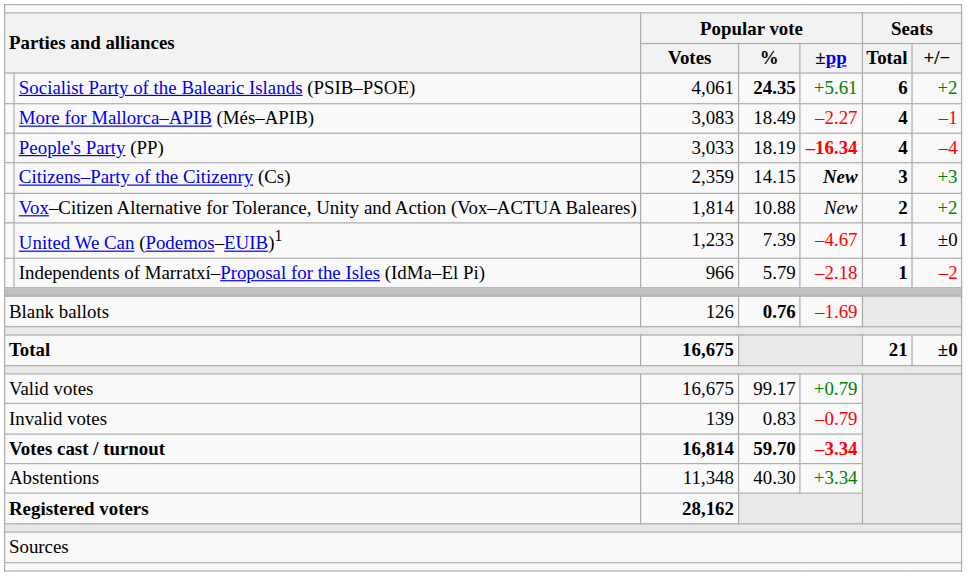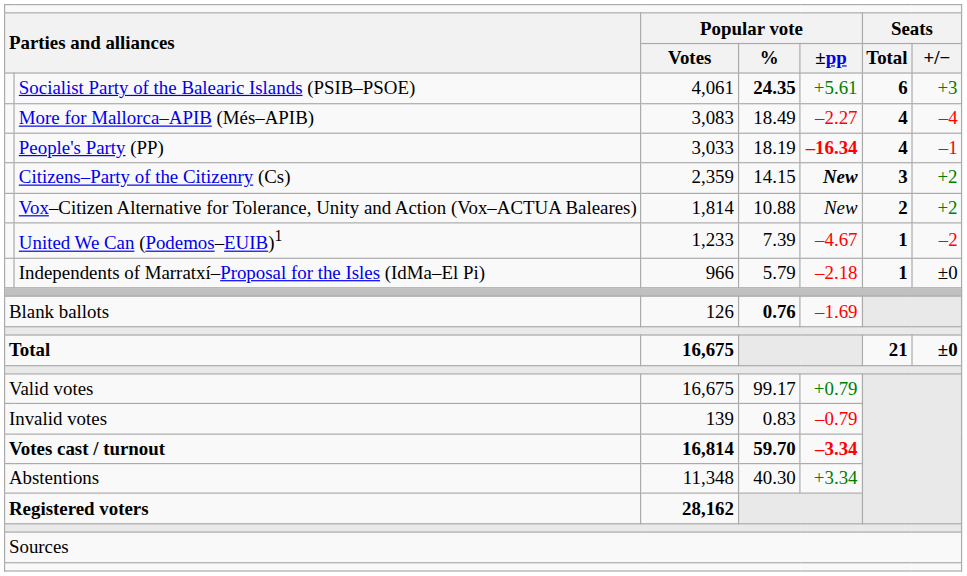 <table class="wikitable" style="text-align:right;">
 <tr>
 <td colspan="7"></td>
 </tr>
 <tr>
 <th style="text-align:left;" rowspan="2" colspan="2" width="525">Parties and alliances</th>
 <th colspan="3">Popular vote</th>
 <th colspan="2">Seats</th>
 </tr>
 <tr>
 <th width="75">Votes</th>
 <th width="45">%</th>
 <th width="45">±<a href='#'>pp</a></th>
 <th width="35">Total</th>
 <th width="35">+/−</th>
 </tr>
 <tr>
 <td width="1" style="color:inherit;background:"></td>
 <td align="left"><a href='#'>Socialist Party of the Balearic Islands</a> (PSIB–PSOE)</td>
 <td>4,061</td>
 <td><strong>24.35</strong></td>
 <td style="color:green;">+5.61</td>
 <td><strong>6</strong></td>
-<td style="color:green;">+2</td>
+<td style="color:green;">+3</td>
 </tr>
 <tr>
 <td style="color:inherit;background:"></td>
 <td align="left"><a href='#'>More for Mallorca–APIB</a> (Més–APIB)</td>
 <td>3,083</td>
 <td>18.49</td>
 <td style="color:red;">–2.27</td>
 <td><strong>4</strong></td>
-<td style="color:red;">–1</td>
+<td style="color:red;">–4</td>
 </tr>
 <tr>
 <td style="color:inherit;background:"></td>
 <td align="left"><a href='#'>People's Party</a> (PP)</td>
 <td>3,033</td>
 <td>18.19</td>
 <td style="color:red;"><strong>–16.34</strong></td>
 <td><strong>4</strong></td>
-<td style="color:red;">–4</td>
+<td style="color:red;">–1</td>
 </tr>
 <tr>
 <td style="color:inherit;background:"></td>
 <td align="left"><a href='#'>Citizens–Party of the Citizenry</a> (Cs)</td>
 <td>2,359</td>
 <td>14.15</td>
 <td><strong><em>New</em></strong></td>
 <td><strong>3</strong></td>
-<td style="color:green;">+3</td>
+<td style="color:green;">+2</td>
 </tr>
 <tr>
 <td style="color:inherit;background:"></td>
 <td align="left"><a href='#'>Vox</a>–Citizen Alternative for Tolerance, Unity and Action (Vox–ACTUA Baleares)</td>
 <td>1,814</td>
 <td>10.88</td>
 <td><em>New</em></td>
 <td><strong>2</strong></td>
 <td style="color:green;">+2</td>
 </tr>
 <tr>
 <td style="color:inherit;background:"></td>
 <td align="left"><a href='#'>United We Can</a> (<a href='#'>Podemos</a>–<a href='#'>EUIB</a>)<sup>1</sup></td>
 <td>1,233</td>
 <td>7.39</td>
 <td style="color:red;">–4.67</td>
 <td><strong>1</strong></td>
-<td>±0</td>
+<td style="color:red;">–2</td>
 </tr>
 <tr>
 <td style="color:inherit;background:"></td>
 <td align="left">Independents of Marratxí–<a href='#'>Proposal for the Isles</a> (IdMa–El Pi)</td>
 <td>966</td>
 <td>5.79</td>
 <td style="color:red;">–2.18</td>
 <td><strong>1</strong></td>
-<td style="color:red;">–2</td>
+<td>±0</td>
 </tr>
 <tr>
 <td colspan="7" bgcolor="#C0C0C0"></td>
 </tr>
 <tr>
 <td align="left" colspan="2">Blank ballots</td>
 <td>126</td>
 <td><strong>0.76</strong></td>
 <td style="color:red;">–1.69</td>
 <td bgcolor="#E9E9E9" colspan="2"></td>
 </tr>
 <tr>
 <td colspan="7" bgcolor="#E9E9E9"></td>
 </tr>
 <tr style="font-weight:bold;">
 <td align="left" colspan="2">Total</td>
 <td>16,675</td>
 <td bgcolor="#E9E9E9" colspan="2"></td>
 <td>21</td>
 <td>±0</td>
 </tr>
 <tr>
 <td colspan="7" bgcolor="#E9E9E9"></td>
 </tr>
 <tr>
 <td align="left" colspan="2">Valid votes</td>
 <td>16,675</td>
 <td>99.17</td>
 <td style="color:green;">+0.79</td>
 <td bgcolor="#E9E9E9" colspan="2" rowspan="5"></td>
 </tr>
 <tr>
 <td align="left" colspan="2">Invalid votes</td>
 <td>139</td>
 <td>0.83</td>
 <td style="color:red;">–0.79</td>
 </tr>
 <tr style="font-weight:bold;">
 <td align="left" colspan="2">Votes cast / turnout</td>
 <td>16,814</td>
 <td>59.70</td>
 <td style="color:red;">–3.34</td>
 </tr>
 <tr>
 <td align="left" colspan="2">Abstentions</td>
 <td>11,348</td>
 <td>40.30</td>
 <td style="color:green;">+3.34</td>
 </tr>
 <tr style="font-weight:bold;">
 <td align="left" colspan="2">Registered voters</td>
 <td>28,162</td>
 <td bgcolor="#E9E9E9" colspan="2"></td>
 </tr>
 <tr>
 <td colspan="7" bgcolor="#E9E9E9"></td>
 </tr>
 <tr>
 <td align="left" colspan="7">Sources</td>
 </tr>
 <tr>
 <td colspan="7" style="text-align:left; max-width:790px;"></td>
 </tr>
 </table>
